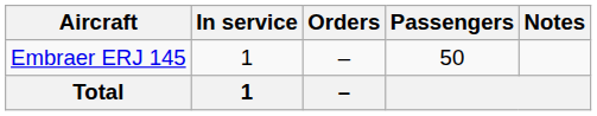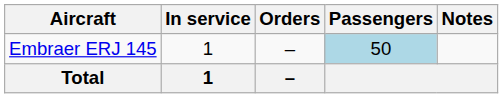 <table class="wikitable" style="border-collapse:collapse;text-align:center;margin: 1em auto;">
 <tr>
 <th>Aircraft</th>
 <th>In service</th>
 <th>Orders</th>
 <th>Passengers</th>
 <th>Notes</th>
 </tr>
 <tr>
 <td><a href='#'>Embraer ERJ 145</a></td>
 <td>1</td>
 <td>–</td>
-<td>50</td>
+<td style="background: lightblue;">50</td>
 <td></td>
 </tr>
 <tr>
 <th>Total</th>
 <th>1</th>
 <th>–</th>
 <th colspan=2></th>
 </tr>
 </table>
